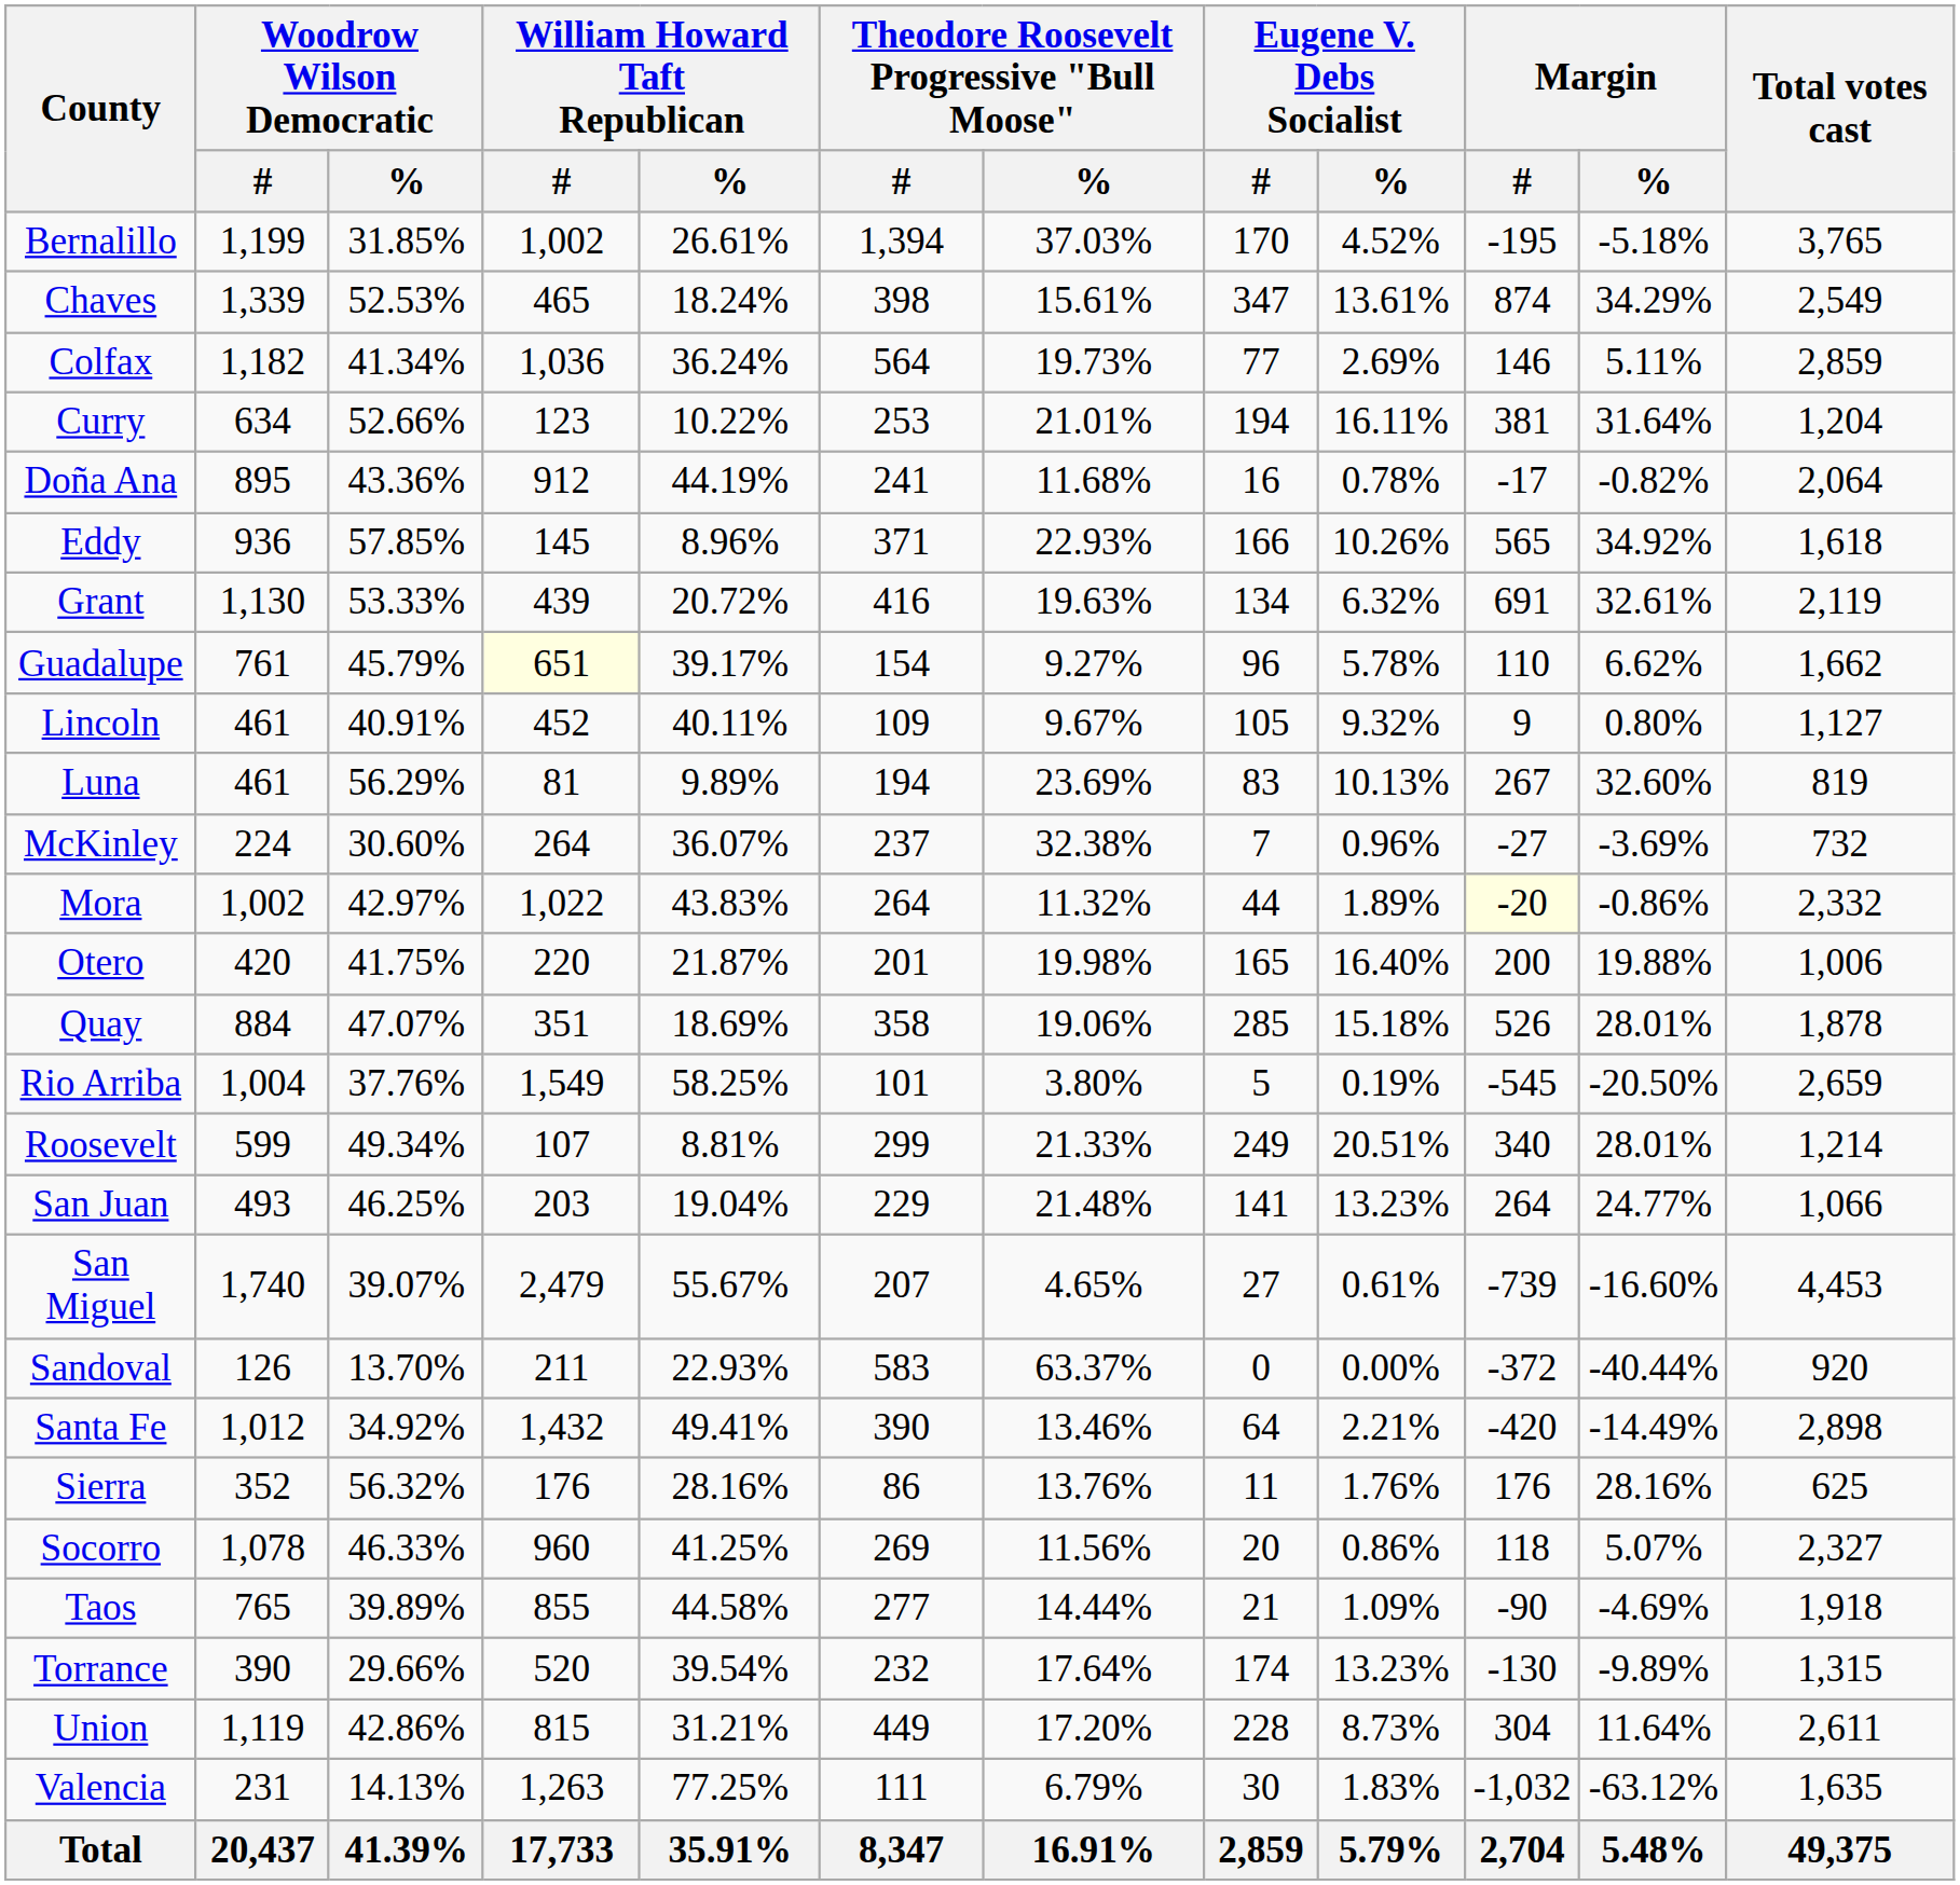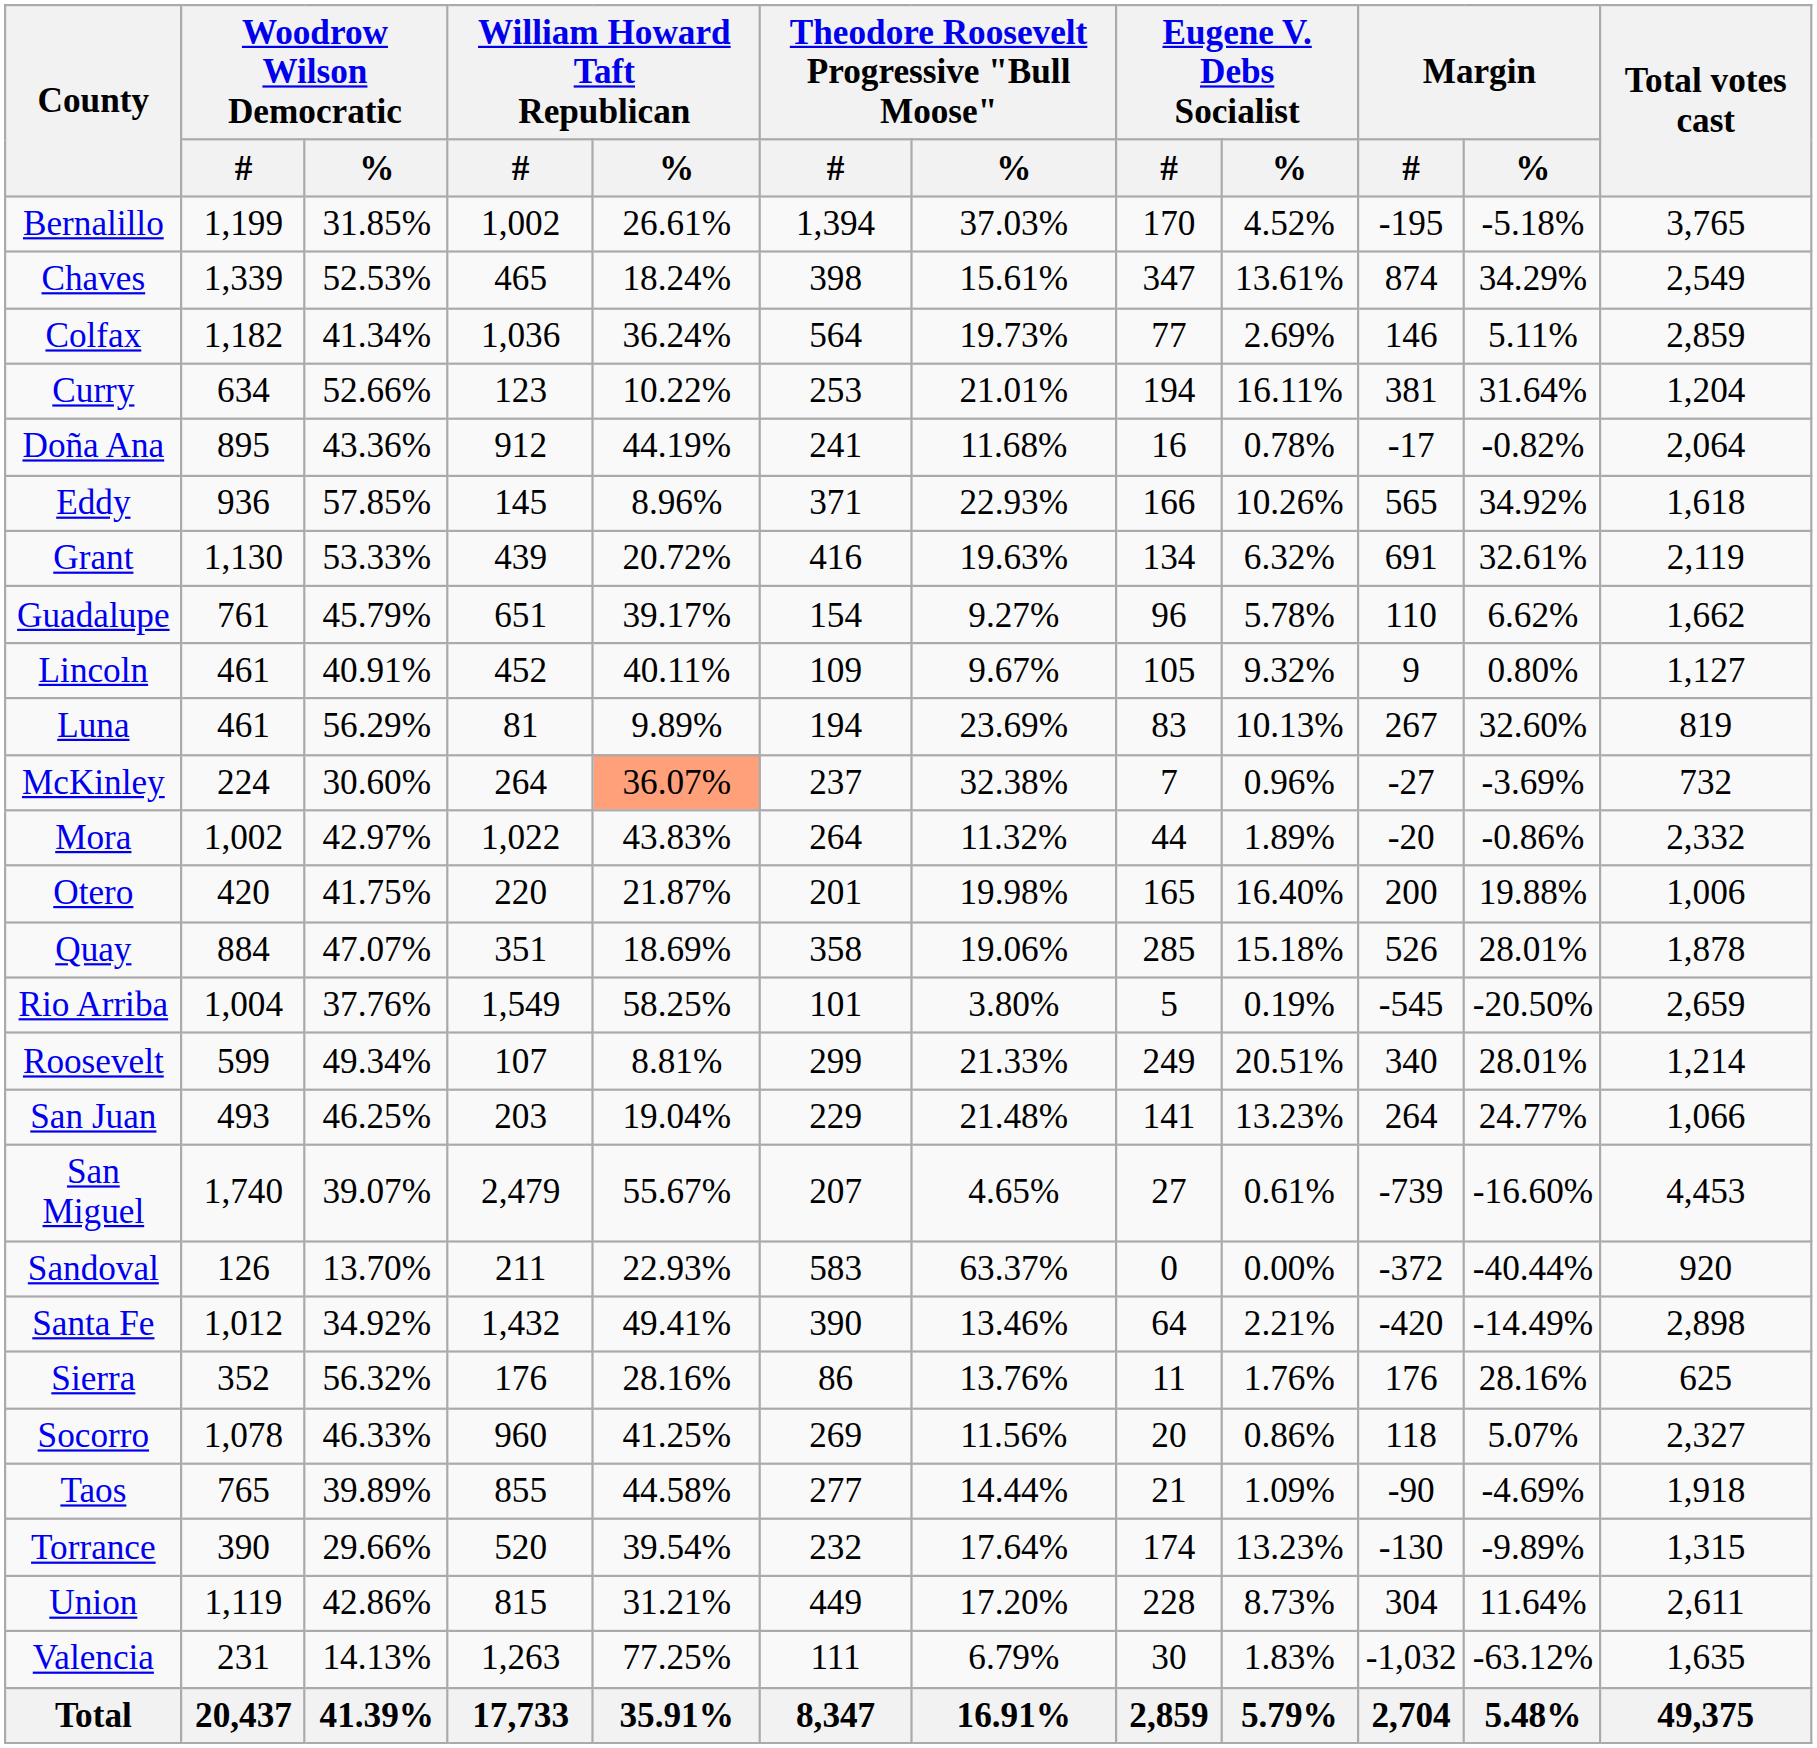 <table width="65%" class="wikitable sortable" style="text-align:center">
 <tr>
 <th style="text-align:center;" rowspan="2">County</th>
 <th style="text-align:center;" colspan="2"><a href='#'>Woodrow Wilson</a><br>Democratic</th>
 <th style="text-align:center;" colspan="2"><a href='#'>William Howard Taft</a><br>Republican</th>
 <th style="text-align:center;" colspan="2"><a href='#'>Theodore Roosevelt</a><br>Progressive "Bull Moose"</th>
 <th style="text-align:center;" colspan="2"><a href='#'>Eugene V. Debs</a><br>Socialist</th>
 <th style="text-align:center;" colspan="2">Margin</th>
 <th style="text-align:center;" rowspan="2">Total votes cast</th>
 </tr>
 <tr>
 <th style="text-align:center;" data-sort-type="number">#</th>
 <th style="text-align:center;" data-sort-type="number">%</th>
 <th style="text-align:center;" data-sort-type="number">#</th>
 <th style="text-align:center;" data-sort-type="number">%</th>
 <th style="text-align:center;" data-sort-type="number">#</th>
 <th style="text-align:center;" data-sort-type="number">%</th>
 <th style="text-align:center;" data-sort-type="number">#</th>
 <th style="text-align:center;" data-sort-type="number">%</th>
 <th style="text-align:center;" data-sort-type="number">#</th>
 <th style="text-align:center;" data-sort-type="number">%</th>
 </tr>
 <tr style="text-align:center;">
 <td><a href='#'>Bernalillo</a></td>
 <td>1,199</td>
 <td>31.85%</td>
 <td>1,002</td>
 <td>26.61%</td>
 <td>1,394</td>
 <td>37.03%</td>
 <td>170</td>
 <td>4.52%</td>
 <td>-195</td>
 <td>-5.18%</td>
 <td>3,765</td>
 </tr>
 <tr style="text-align:center;">
 <td><a href='#'>Chaves</a></td>
 <td>1,339</td>
 <td>52.53%</td>
 <td>465</td>
 <td>18.24%</td>
 <td>398</td>
 <td>15.61%</td>
 <td>347</td>
 <td>13.61%</td>
 <td>874</td>
 <td>34.29%</td>
 <td>2,549</td>
 </tr>
 <tr style="text-align:center;">
 <td><a href='#'>Colfax</a></td>
 <td>1,182</td>
 <td>41.34%</td>
 <td>1,036</td>
 <td>36.24%</td>
 <td>564</td>
 <td>19.73%</td>
 <td>77</td>
 <td>2.69%</td>
 <td>146</td>
 <td>5.11%</td>
 <td>2,859</td>
 </tr>
 <tr style="text-align:center;">
 <td><a href='#'>Curry</a></td>
 <td>634</td>
 <td>52.66%</td>
 <td>123</td>
 <td>10.22%</td>
 <td>253</td>
 <td>21.01%</td>
 <td>194</td>
 <td>16.11%</td>
 <td>381</td>
 <td>31.64%</td>
 <td>1,204</td>
 </tr>
 <tr style="text-align:center;">
 <td><a href='#'>Doña Ana</a></td>
 <td>895</td>
 <td>43.36%</td>
 <td>912</td>
 <td>44.19%</td>
 <td>241</td>
 <td>11.68%</td>
 <td>16</td>
 <td>0.78%</td>
 <td>-17</td>
 <td>-0.82%</td>
 <td>2,064</td>
 </tr>
 <tr style="text-align:center;">
 <td><a href='#'>Eddy</a></td>
 <td>936</td>
 <td>57.85%</td>
 <td>145</td>
 <td>8.96%</td>
 <td>371</td>
 <td>22.93%</td>
 <td>166</td>
 <td>10.26%</td>
 <td>565</td>
 <td>34.92%</td>
 <td>1,618</td>
 </tr>
 <tr style="text-align:center;">
 <td><a href='#'>Grant</a></td>
 <td>1,130</td>
 <td>53.33%</td>
 <td>439</td>
 <td>20.72%</td>
 <td>416</td>
 <td>19.63%</td>
 <td>134</td>
 <td>6.32%</td>
 <td>691</td>
 <td>32.61%</td>
 <td>2,119</td>
 </tr>
 <tr style="text-align:center;">
 <td><a href='#'>Guadalupe</a></td>
 <td>761</td>
 <td>45.79%</td>
-<td style="background: lightyellow;">651</td>
+<td>651</td>
 <td>39.17%</td>
 <td>154</td>
 <td>9.27%</td>
 <td>96</td>
 <td>5.78%</td>
 <td>110</td>
 <td>6.62%</td>
 <td>1,662</td>
 </tr>
 <tr style="text-align:center;">
 <td><a href='#'>Lincoln</a></td>
 <td>461</td>
 <td>40.91%</td>
 <td>452</td>
 <td>40.11%</td>
 <td>109</td>
 <td>9.67%</td>
 <td>105</td>
 <td>9.32%</td>
 <td>9</td>
 <td>0.80%</td>
 <td>1,127</td>
 </tr>
 <tr style="text-align:center;">
 <td><a href='#'>Luna</a></td>
 <td>461</td>
 <td>56.29%</td>
 <td>81</td>
 <td>9.89%</td>
 <td>194</td>
 <td>23.69%</td>
 <td>83</td>
 <td>10.13%</td>
 <td>267</td>
 <td>32.60%</td>
 <td>819</td>
 </tr>
 <tr style="text-align:center;">
 <td><a href='#'>McKinley</a></td>
 <td>224</td>
 <td>30.60%</td>
 <td>264</td>
-<td>36.07%</td>
+<td style="background: lightsalmon;">36.07%</td>
 <td>237</td>
 <td>32.38%</td>
 <td>7</td>
 <td>0.96%</td>
 <td>-27</td>
 <td>-3.69%</td>
 <td>732</td>
 </tr>
 <tr style="text-align:center;">
 <td><a href='#'>Mora</a></td>
 <td>1,002</td>
 <td>42.97%</td>
 <td>1,022</td>
 <td>43.83%</td>
 <td>264</td>
 <td>11.32%</td>
 <td>44</td>
 <td>1.89%</td>
-<td style="background: lightyellow;">-20</td>
+<td>-20</td>
 <td>-0.86%</td>
 <td>2,332</td>
 </tr>
 <tr style="text-align:center;">
 <td><a href='#'>Otero</a></td>
 <td>420</td>
 <td>41.75%</td>
 <td>220</td>
 <td>21.87%</td>
 <td>201</td>
 <td>19.98%</td>
 <td>165</td>
 <td>16.40%</td>
 <td>200</td>
 <td>19.88%</td>
 <td>1,006</td>
 </tr>
 <tr style="text-align:center;">
 <td><a href='#'>Quay</a></td>
 <td>884</td>
 <td>47.07%</td>
 <td>351</td>
 <td>18.69%</td>
 <td>358</td>
 <td>19.06%</td>
 <td>285</td>
 <td>15.18%</td>
 <td>526</td>
 <td>28.01%</td>
 <td>1,878</td>
 </tr>
 <tr style="text-align:center;">
 <td><a href='#'>Rio Arriba</a></td>
 <td>1,004</td>
 <td>37.76%</td>
 <td>1,549</td>
 <td>58.25%</td>
 <td>101</td>
 <td>3.80%</td>
 <td>5</td>
 <td>0.19%</td>
 <td>-545</td>
 <td>-20.50%</td>
 <td>2,659</td>
 </tr>
 <tr style="text-align:center;">
 <td><a href='#'>Roosevelt</a></td>
 <td>599</td>
 <td>49.34%</td>
 <td>107</td>
 <td>8.81%</td>
 <td>299</td>
 <td>21.33%</td>
 <td>249</td>
 <td>20.51%</td>
 <td>340</td>
 <td>28.01%</td>
 <td>1,214</td>
 </tr>
 <tr style="text-align:center;">
 <td><a href='#'>San Juan</a></td>
 <td>493</td>
 <td>46.25%</td>
 <td>203</td>
 <td>19.04%</td>
 <td>229</td>
 <td>21.48%</td>
 <td>141</td>
 <td>13.23%</td>
 <td>264</td>
 <td>24.77%</td>
 <td>1,066</td>
 </tr>
 <tr style="text-align:center;">
 <td><a href='#'>San Miguel</a></td>
 <td>1,740</td>
 <td>39.07%</td>
 <td>2,479</td>
 <td>55.67%</td>
 <td>207</td>
 <td>4.65%</td>
 <td>27</td>
 <td>0.61%</td>
 <td>-739</td>
 <td>-16.60%</td>
 <td>4,453</td>
 </tr>
 <tr style="text-align:center;">
 <td><a href='#'>Sandoval</a></td>
 <td>126</td>
 <td>13.70%</td>
 <td>211</td>
 <td>22.93%</td>
 <td>583</td>
 <td>63.37%</td>
 <td>0</td>
 <td>0.00%</td>
 <td>-372</td>
 <td>-40.44%</td>
 <td>920</td>
 </tr>
 <tr style="text-align:center;">
 <td><a href='#'>Santa Fe</a></td>
 <td>1,012</td>
 <td>34.92%</td>
 <td>1,432</td>
 <td>49.41%</td>
 <td>390</td>
 <td>13.46%</td>
 <td>64</td>
 <td>2.21%</td>
 <td>-420</td>
 <td>-14.49%</td>
 <td>2,898</td>
 </tr>
 <tr style="text-align:center;">
 <td><a href='#'>Sierra</a></td>
 <td>352</td>
 <td>56.32%</td>
 <td>176</td>
 <td>28.16%</td>
 <td>86</td>
 <td>13.76%</td>
 <td>11</td>
 <td>1.76%</td>
 <td>176</td>
 <td>28.16%</td>
 <td>625</td>
 </tr>
 <tr style="text-align:center;">
 <td><a href='#'>Socorro</a></td>
 <td>1,078</td>
 <td>46.33%</td>
 <td>960</td>
 <td>41.25%</td>
 <td>269</td>
 <td>11.56%</td>
 <td>20</td>
 <td>0.86%</td>
 <td>118</td>
 <td>5.07%</td>
 <td>2,327</td>
 </tr>
 <tr style="text-align:center;">
 <td><a href='#'>Taos</a></td>
 <td>765</td>
 <td>39.89%</td>
 <td>855</td>
 <td>44.58%</td>
 <td>277</td>
 <td>14.44%</td>
 <td>21</td>
 <td>1.09%</td>
 <td>-90</td>
 <td>-4.69%</td>
 <td>1,918</td>
 </tr>
 <tr style="text-align:center;">
 <td><a href='#'>Torrance</a></td>
 <td>390</td>
 <td>29.66%</td>
 <td>520</td>
 <td>39.54%</td>
 <td>232</td>
 <td>17.64%</td>
 <td>174</td>
 <td>13.23%</td>
 <td>-130</td>
 <td>-9.89%</td>
 <td>1,315</td>
 </tr>
 <tr style="text-align:center;">
 <td><a href='#'>Union</a></td>
 <td>1,119</td>
 <td>42.86%</td>
 <td>815</td>
 <td>31.21%</td>
 <td>449</td>
 <td>17.20%</td>
 <td>228</td>
 <td>8.73%</td>
 <td>304</td>
 <td>11.64%</td>
 <td>2,611</td>
 </tr>
 <tr style="text-align:center;">
 <td><a href='#'>Valencia</a></td>
 <td>231</td>
 <td>14.13%</td>
 <td>1,263</td>
 <td>77.25%</td>
 <td>111</td>
 <td>6.79%</td>
 <td>30</td>
 <td>1.83%</td>
 <td>-1,032</td>
 <td>-63.12%</td>
 <td>1,635</td>
 </tr>
 <tr style="text-align:center;">
 <th>Total</th>
 <th>20,437</th>
 <th>41.39%</th>
 <th>17,733</th>
 <th>35.91%</th>
 <th>8,347</th>
 <th>16.91%</th>
 <th>2,859</th>
 <th>5.79%</th>
 <th>2,704</th>
 <th>5.48%</th>
 <th>49,375</th>
 </tr>
 </table>
